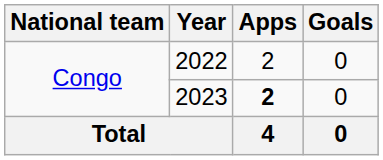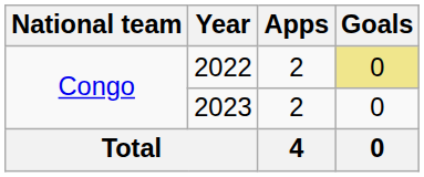 <table class="wikitable" style="text-align:center">
 <tr>
 <th>National team</th>
 <th>Year</th>
 <th>Apps</th>
 <th>Goals</th>
 </tr>
 <tr>
 <td rowspan=2><a href='#'>Congo</a></td>
 <td>2022</td>
 <td>2</td>
-<td>0</td>
+<td style="background: khaki;">0</td>
 </tr>
 <tr>
 <td>2023</td>
-<td><strong>2</strong></td>
+<td>2</td>
 <td>0</td>
 </tr>
 <tr>
 <th colspan="2">Total</th>
 <th>4</th>
 <th>0</th>
 </tr>
 </table>
